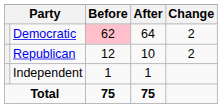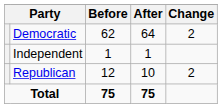 <table class="wikitable" style="text-align:center;">
 <tr>
 </tr>
 <tr>
 <th colspan=2>Party</th>
 <th>Before</th>
 <th>After</th>
 <th>Change</th>
 </tr>
 <tr>
 <th style="background-color:"></th>
 <td style="text-align:left;"><a href='#'>Democratic</a></td>
-<td style="background: pink;">62</td>
+<td>62</td>
 <td>64</td>
-<td> 2</td>
-</tr>
-<tr>
-<th style="background-color:"></th>
-<td style="text-align:left;"><a href='#'>Republican</a></td>
-<td>12</td>
-<td>10</td>
 <td> 2</td>
 </tr>
 <tr>
 <th style="background-color:"></th>
 <td style="text-align:left;">Independent</td>
 <td>1</td>
 <td>1</td>
 <td></td>
 </tr>
 <tr>
+<th style="background-color:"></th>
+<td style="text-align:left;"><a href='#'>Republican</a></td>
+<td>12</td>
+<td>10</td>
+<td> 2</td>
+</tr>
+<tr>
 <td colspan=2><strong>Total</strong></td>
 <td><strong>75</strong></td>
 <td><strong>75</strong></td>
 <td></td>
 </tr>
 </table>
